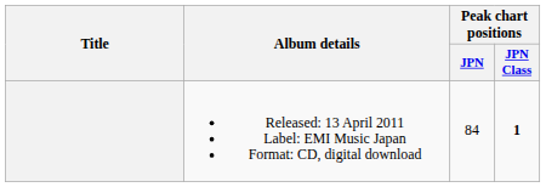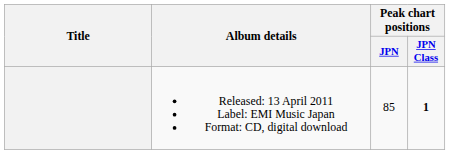 <table class="wikitable plainrowheaders" style="text-align:center;" border="1">
 <tr>
 <th scope="col" rowspan="2" style="width:12em;">Title</th>
 <th scope="col" rowspan="2" style="width:18em;">Album details</th>
 <th scope="col" colspan="2">Peak chart positions</th>
 </tr>
 <tr>
 <th scope="col" style="width:3em;font-size:90%;"><a href='#'>JPN</a><br></th>
 <th scope="col" style="width:3em;font-size:90%;"><a href='#'>JPN Class</a><br></th>
 </tr>
 <tr>
 <th scope="row"></th>
 <td><br><ul><li>Released: 13 April 2011</li><li>Label: EMI Music Japan</li><li>Format: CD, digital download</li></ul></td>
-<td>84</td>
+<td>85</td>
 <td><strong>1</strong></td>
 </tr>
 </table>
